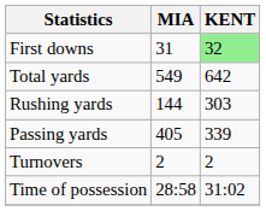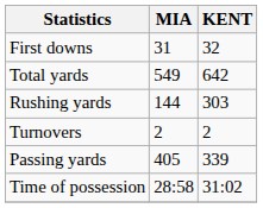 <table class="wikitable">
 <tr>
 <th>Statistics</th>
 <th>MIA</th>
 <th>KENT</th>
 </tr>
 <tr>
 <td>First downs</td>
 <td>31</td>
-<td style="background: lightgreen;">32</td>
+<td>32</td>
 </tr>
 <tr>
 <td>Total yards</td>
 <td>549</td>
 <td>642</td>
 </tr>
 <tr>
 <td>Rushing yards</td>
 <td>144</td>
 <td>303</td>
 </tr>
 <tr>
+<td>Turnovers</td>
+<td>2</td>
+<td>2</td>
+</tr>
+<tr>
 <td>Passing yards</td>
 <td>405</td>
 <td>339</td>
-</tr>
-<tr>
-<td>Turnovers</td>
-<td>2</td>
-<td>2</td>
 </tr>
 <tr>
 <td>Time of possession</td>
 <td>28:58</td>
 <td>31:02</td>
 </tr>
 <tr>
 </tr>
 </table>
